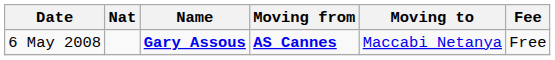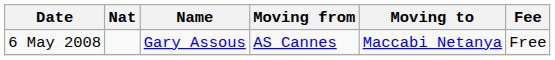 <table class="wikitable">
 <tr>
 <th>Date</th>
 <th>Nat</th>
 <th>Name</th>
 <th>Moving from</th>
 <th>Moving to</th>
 <th>Fee</th>
 </tr>
 <tr>
 <td>6 May 2008</td>
 <td></td>
-<td><strong><a href='#'>Gary Assous</a></strong></td>
-<td><strong> <a href='#'>AS Cannes</a></strong></td>
+<td><a href='#'>Gary Assous</a></td>
+<td> <a href='#'>AS Cannes</a></td>
 <td><a href='#'>Maccabi Netanya</a></td>
 <td>Free</td>
 </tr>
 <tr>
 </tr>
 </table>
